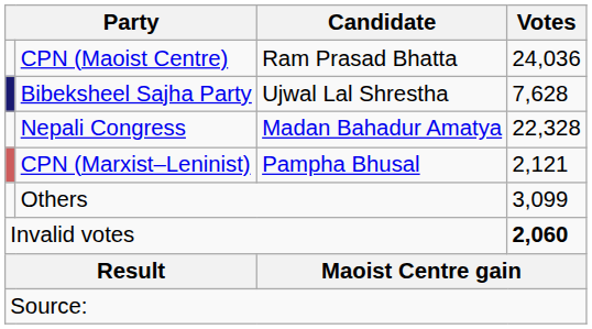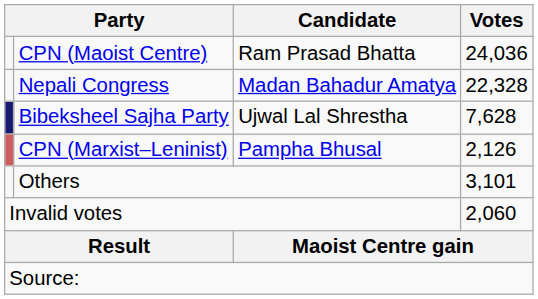 <table class="wikitable">
 <tr>
 <th colspan="2">Party</th>
 <th>Candidate</th>
 <th>Votes</th>
 </tr>
 <tr>
 <td style="background-color:"></td>
 <td><a href='#'>CPN (Maoist Centre)</a></td>
 <td>Ram Prasad Bhatta</td>
 <td>24,036</td>
 </tr>
 <tr>
+<td style="background-color:"></td>
+<td><a href='#'>Nepali Congress</a></td>
+<td><a href='#'>Madan Bahadur Amatya</a></td>
+<td>22,328</td>
+</tr>
+<tr>
 <td style="background-color:midnightblue"></td>
 <td><a href='#'>Bibeksheel Sajha Party</a></td>
 <td>Ujwal Lal Shrestha</td>
 <td>7,628</td>
 </tr>
 <tr>
-<td style="background-color:"></td>
-<td><a href='#'>Nepali Congress</a></td>
-<td><a href='#'>Madan Bahadur Amatya</a></td>
-<td>22,328</td>
-</tr>
-<tr>
 <td style="background-color:indianred"></td>
 <td><a href='#'>CPN (Marxist–Leninist)</a></td>
 <td><a href='#'>Pampha Bhusal</a></td>
-<td>2,121</td>
+<td>2,126</td>
 </tr>
 <tr>
 <td></td>
 <td colspan="2">Others</td>
-<td>3,099</td>
+<td>3,101</td>
 </tr>
 <tr>
 <td colspan="3">Invalid votes</td>
-<td><strong>2,060</strong></td>
+<td>2,060</td>
 </tr>
 <tr>
 <th colspan="2">Result</th>
 <th colspan="2">Maoist Centre gain</th>
 </tr>
 <tr>
 <td colspan="4">Source: </td>
 </tr>
 </table>
